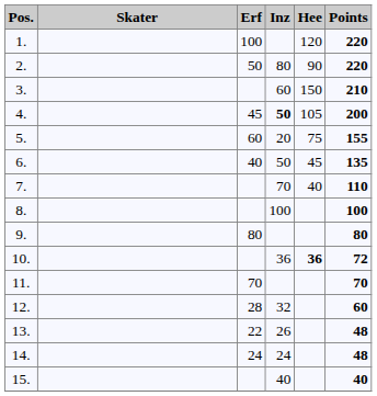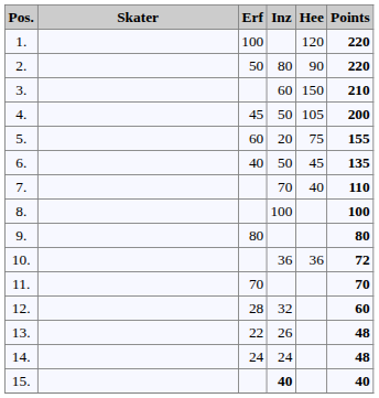 <table bgcolor="#f7f8ff" cellpadding="3" cellspacing="0" border="1" style="font-size: 95%; border: gray solid 1px; border-collapse: collapse;">
 <tr bgcolor="#CCCCCC">
 <td align="center" width="10"><strong>Pos.</strong></td>
 <td align="center" width="200"><strong>Skater</strong></td>
 <td align="center" width="20"><strong>Erf</strong></td>
 <td align="center" width="20"><strong>Inz</strong></td>
 <td align="center" width="20"><strong>Hee</strong></td>
 <td align="center" width="20"><strong>Points</strong></td>
 </tr>
 <tr align="left">
 <td align="center">1.</td>
 <td></td>
 <td align="right">100</td>
 <td align="right"></td>
 <td align="right">120</td>
 <td align="right"><strong>220</strong></td>
 </tr>
 <tr align="left">
 <td align="center">2.</td>
 <td></td>
 <td align="right">50</td>
 <td align="right">80</td>
 <td align="right">90</td>
 <td align="right"><strong>220</strong></td>
 </tr>
 <tr align="left">
 <td align="center">3.</td>
 <td></td>
 <td align="right"></td>
 <td align="right">60</td>
 <td align="right">150</td>
 <td align="right"><strong>210</strong></td>
 </tr>
 <tr align="left">
 <td align="center">4.</td>
 <td></td>
 <td align="right">45</td>
-<td align="right"><strong>50</strong></td>
+<td align="right">50</td>
 <td align="right">105</td>
 <td align="right"><strong>200</strong></td>
 </tr>
 <tr align="left">
 <td align="center">5.</td>
 <td></td>
 <td align="right">60</td>
 <td align="right">20</td>
 <td align="right">75</td>
 <td align="right"><strong>155</strong></td>
 </tr>
 <tr align="left">
 <td align="center">6.</td>
 <td></td>
 <td align="right">40</td>
 <td align="right">50</td>
 <td align="right">45</td>
 <td align="right"><strong>135</strong></td>
 </tr>
 <tr align="left">
 <td align="center">7.</td>
 <td></td>
 <td align="right"></td>
 <td align="right">70</td>
 <td align="right">40</td>
 <td align="right"><strong>110</strong></td>
 </tr>
 <tr align="left">
 <td align="center">8.</td>
 <td></td>
 <td align="right"></td>
 <td align="right">100</td>
 <td align="right"></td>
 <td align="right"><strong>100</strong></td>
 </tr>
 <tr align="left">
 <td align="center">9.</td>
 <td></td>
 <td align="right">80</td>
 <td align="right"></td>
 <td align="right"></td>
 <td align="right"><strong>80</strong></td>
 </tr>
 <tr align="left">
 <td align="center">10.</td>
 <td></td>
 <td align="right"></td>
 <td align="right">36</td>
-<td align="right"><strong>36</strong></td>
+<td align="right">36</td>
 <td align="right"><strong>72</strong></td>
 </tr>
 <tr align="left">
 <td align="center">11.</td>
 <td></td>
 <td align="right">70</td>
 <td align="right"></td>
 <td align="right"></td>
 <td align="right"><strong>70</strong></td>
 </tr>
 <tr align="left">
 <td align="center">12.</td>
 <td></td>
 <td align="right">28</td>
 <td align="right">32</td>
 <td align="right"></td>
 <td align="right"><strong>60</strong></td>
 </tr>
 <tr align="left">
 <td align="center">13.</td>
 <td></td>
 <td align="right">22</td>
 <td align="right">26</td>
 <td align="right"></td>
 <td align="right"><strong>48</strong></td>
 </tr>
 <tr align="left">
 <td align="center">14.</td>
 <td></td>
 <td align="right">24</td>
 <td align="right">24</td>
 <td align="right"></td>
 <td align="right"><strong>48</strong></td>
 </tr>
 <tr align="left">
 <td align="center">15.</td>
 <td></td>
 <td align="right"></td>
-<td align="right">40</td>
+<td align="right"><strong>40</strong></td>
 <td align="right"></td>
 <td align="right"><strong>40</strong><br></td>
 </tr>
 <tr>
 </tr>
 </table>
